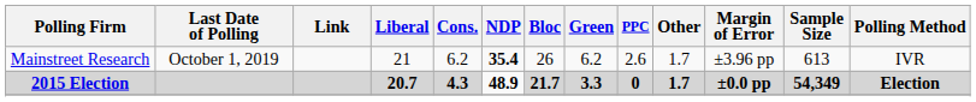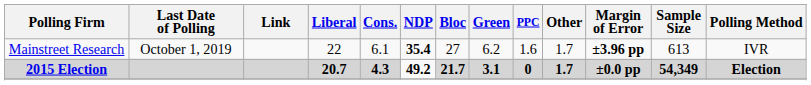 <table class="wikitable sortable" style="text-align:center;font-size:90%;line-height:14px;">
 <tr style="background:#e9e9e9;">
 <th style="width:120px">Polling Firm</th>
 <th style="width:110px">Last Date<br>of Polling</th>
 <th style="width:60px" class="unsortable">Link</th>
 <th style="background-color:"><strong><a href='#'>Liberal</a></strong></th>
 <th style="background-color:"><strong><a href='#'>Cons.</a></strong></th>
 <th style="background-color:"><strong><a href='#'>NDP</a></strong></th>
 <th style="background-color:"><strong><a href='#'>Bloc</a></strong></th>
 <th style="background-color:"><strong><a href='#'>Green</a></strong></th>
 <th style="background-color:"><strong><small><a href='#'>PPC</a></small></strong></th>
 <th style="background-color:"><strong>Other</strong></th>
 <th style="width:60px;" class=unsortable>Margin<br>of Error</th>
 <th style="width:50px;" class=unsortable>Sample<br>Size</th>
 <th class=unsortable>Polling Method</th>
 </tr>
 <tr>
 <td><a href='#'>Mainstreet Research</a></td>
 <td>October 1, 2019</td>
 <td></td>
-<td>21</td>
+<td>22</td>
+<td>6.1</td>
+<td><strong>35.4</strong></td>
+<td>27</td>
 <td>6.2</td>
-<td><strong>35.4</strong></td>
-<td>26</td>
-<td>6.2</td>
-<td>2.6</td>
+<td>1.6</td>
 <td>1.7</td>
-<td>±3.96 pp</td>
+<td><strong>±3.96 pp</strong></td>
 <td>613</td>
 <td>IVR</td>
 </tr>
 <tr>
 <td style="background:#D5D5D5"><strong><a href='#'>2015 Election</a></strong></td>
 <td style="background:#D5D5D5"><strong></strong></td>
 <td style="background:#D5D5D5"><strong></strong></td>
 <td style="background:#D5D5D5"><strong>20.7</strong></td>
 <td style="background:#D5D5D5"><strong>4.3</strong></td>
-<td><strong>48.9</strong></td>
+<td><strong>49.2</strong></td>
 <td style="background:#D5D5D5"><strong>21.7</strong></td>
-<td style="background:#D5D5D5"><strong>3.3</strong></td>
+<td style="background:#D5D5D5"><strong>3.1</strong></td>
 <td style="background:#D5D5D5"><strong>0</strong></td>
 <td style="background:#D5D5D5"><strong>1.7</strong></td>
 <td style="background:#D5D5D5"><strong>±0.0 pp</strong></td>
 <td style="background:#D5D5D5"><strong>54,349</strong></td>
 <td style="background:#D5D5D5"><strong>Election</strong></td>
 </tr>
 <tr>
 </tr>
 <tr>
 </tr>
 </table>
